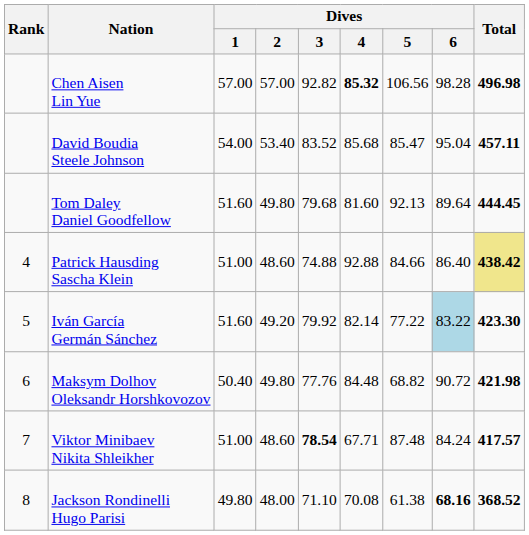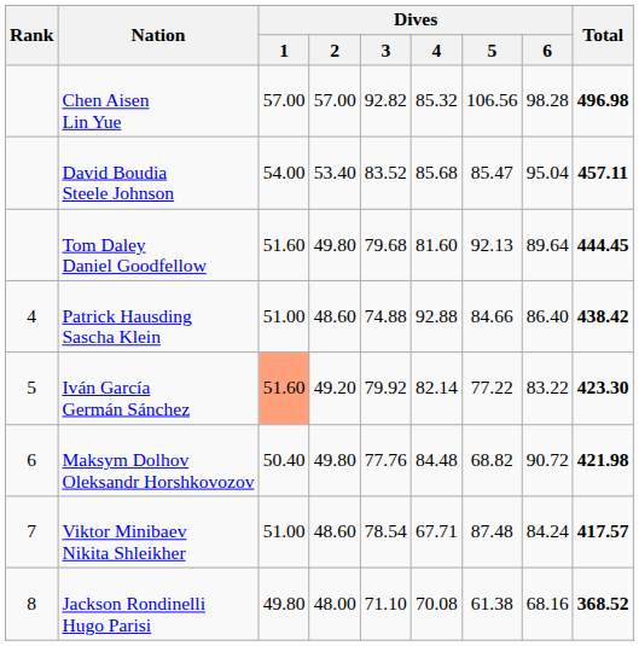 <table class="wikitable">
 <tr>
 <th rowspan="2">Rank</th>
 <th rowspan="2">Nation</th>
 <th colspan="6">Dives</th>
 <th rowspan="2">Total</th>
 </tr>
 <tr>
 <th>1</th>
 <th>2</th>
 <th>3</th>
 <th>4</th>
 <th>5</th>
 <th>6</th>
 </tr>
 <tr>
 <td align="center"></td>
 <td><br><a href='#'>Chen Aisen</a><br><a href='#'>Lin Yue</a></td>
 <td align="center">57.00</td>
 <td align="center">57.00</td>
 <td align="center">92.82</td>
-<td align="center"><strong>85.32</strong></td>
+<td align="center">85.32</td>
 <td align="center">106.56</td>
 <td align="center">98.28</td>
 <td align="center"><strong>496.98</strong></td>
 </tr>
 <tr>
 <td align="center"></td>
 <td><br><a href='#'>David Boudia</a><br><a href='#'>Steele Johnson</a></td>
 <td align="center">54.00</td>
 <td align="center">53.40</td>
 <td align="center">83.52</td>
 <td align="center">85.68</td>
 <td align="center">85.47</td>
 <td align="center">95.04</td>
 <td align="center"><strong>457.11</strong></td>
 </tr>
 <tr>
 <td align="center"></td>
 <td><br><a href='#'>Tom Daley</a><br><a href='#'>Daniel Goodfellow</a></td>
 <td align="center">51.60</td>
 <td align="center">49.80</td>
 <td align="center">79.68</td>
 <td align="center">81.60</td>
 <td align="center">92.13</td>
 <td align="center">89.64</td>
 <td align="center"><strong>444.45</strong></td>
 </tr>
 <tr>
 <td align="center">4</td>
 <td><br><a href='#'>Patrick Hausding</a><br><a href='#'>Sascha Klein</a></td>
 <td align="center">51.00</td>
 <td align="center">48.60</td>
 <td align="center">74.88</td>
 <td align="center">92.88</td>
 <td align="center">84.66</td>
 <td align="center">86.40</td>
-<td align="center" style="background: khaki;"><strong>438.42</strong></td>
+<td align="center"><strong>438.42</strong></td>
 </tr>
 <tr>
 <td align="center">5</td>
 <td><br><a href='#'>Iván García</a><br><a href='#'>Germán Sánchez</a></td>
-<td align="center">51.60</td>
+<td align="center" style="background: lightsalmon;">51.60</td>
 <td align="center">49.20</td>
 <td align="center">79.92</td>
 <td align="center">82.14</td>
 <td align="center">77.22</td>
-<td align="center" style="background: lightblue;">83.22</td>
+<td align="center">83.22</td>
 <td align="center"><strong>423.30</strong></td>
 </tr>
 <tr>
 <td align="center">6</td>
 <td><br><a href='#'>Maksym Dolhov</a><br><a href='#'>Oleksandr Horshkovozov</a></td>
 <td align="center">50.40</td>
 <td align="center">49.80</td>
 <td align="center">77.76</td>
 <td align="center">84.48</td>
 <td align="center">68.82</td>
 <td align="center">90.72</td>
 <td align="center"><strong>421.98</strong></td>
 </tr>
 <tr>
 <td align="center">7</td>
 <td><br><a href='#'>Viktor Minibaev</a><br><a href='#'>Nikita Shleikher</a></td>
 <td align="center">51.00</td>
 <td align="center">48.60</td>
-<td align="center"><strong>78.54</strong></td>
+<td align="center">78.54</td>
 <td align="center">67.71</td>
 <td align="center">87.48</td>
 <td align="center">84.24</td>
 <td align="center"><strong>417.57</strong></td>
 </tr>
 <tr>
 <td align="center">8</td>
 <td><br><a href='#'>Jackson Rondinelli</a><br><a href='#'>Hugo Parisi</a></td>
 <td align="center">49.80</td>
 <td align="center">48.00</td>
 <td align="center">71.10</td>
 <td align="center">70.08</td>
 <td align="center">61.38</td>
-<td align="center"><strong>68.16</strong></td>
+<td align="center">68.16</td>
 <td align="center"><strong>368.52</strong></td>
 </tr>
 </table>
